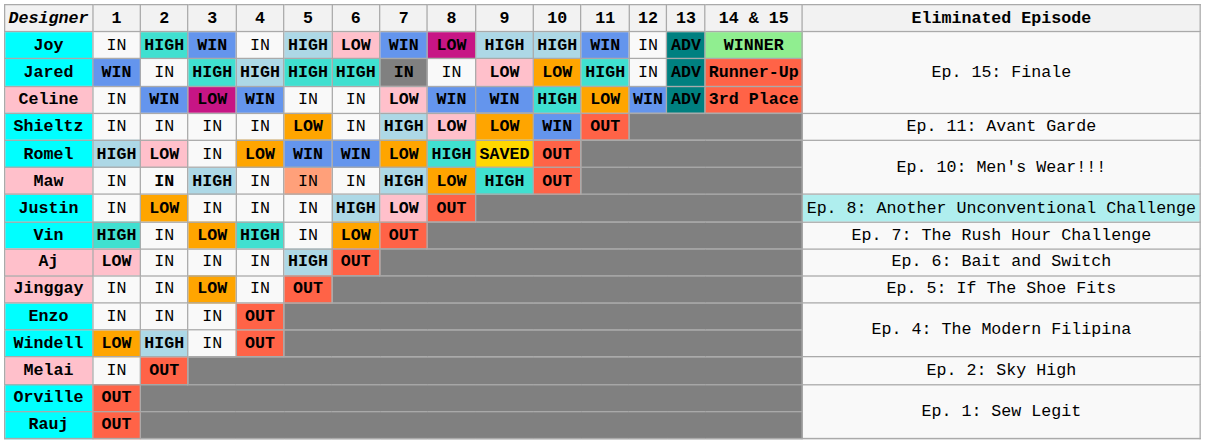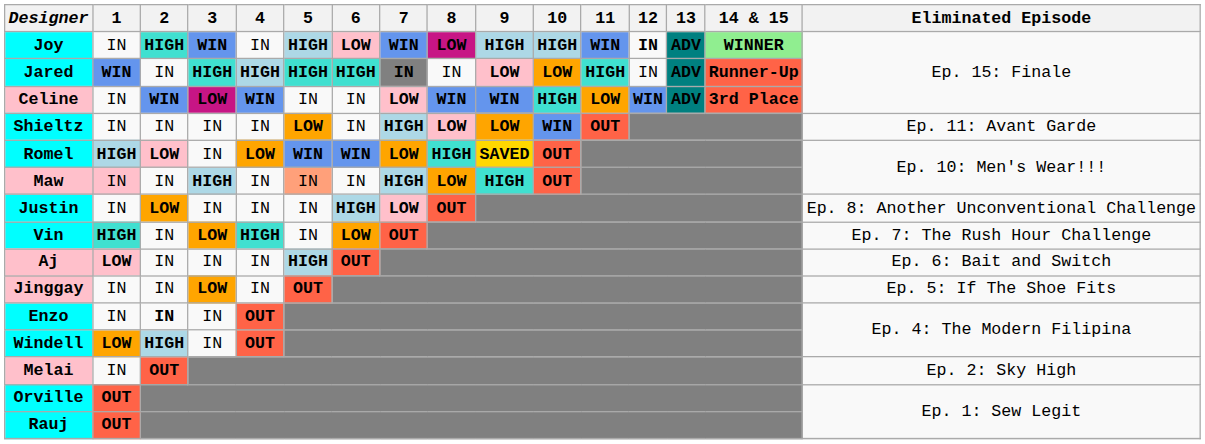 <table class="wikitable" style="text-align:center">
 <tr>
 <th><strong><em>Designer</em></strong></th>
 <th>1</th>
 <th>2</th>
 <th>3   </th>
 <th>4</th>
 <th>5 </th>
 <th>6  </th>
 <th>7   </th>
 <th>8 </th>
 <th>9 </th>
 <th>10  </th>
 <th>11</th>
 <th>12 </th>
 <th>13 </th>
 <th>14 & 15</th>
 <th>Eliminated Episode</th>
 </tr>
 <tr>
 <th style="background:cyan;">Joy</th>
 <td>IN</td>
 <td bgcolor="turquoise"><strong>HIGH</strong></td>
 <td bgcolor="cornflowerblue"><strong>WIN</strong></td>
 <td>IN</td>
 <td bgcolor="lightblue"><strong>HIGH</strong></td>
 <td bgcolor="pink"><strong>LOW</strong></td>
 <td bgcolor="cornflowerblue"><strong>WIN</strong></td>
 <td style="background:MediumVioletRed;"><strong>LOW</strong></td>
 <td bgcolor="lightblue"><strong>HIGH</strong></td>
 <td bgcolor="lightblue"><strong>HIGH</strong></td>
 <td bgcolor="cornflowerblue"><strong>WIN</strong></td>
-<td>IN</td>
+<td><strong>IN</strong></td>
 <td style="background:teal;"><strong>ADV</strong></td>
 <td style="background:lightgreen;"><strong>WINNER</strong></td>
 <td rowspan="3">Ep. 15: Finale</td>
 </tr>
 <tr>
 <th style="background:cyan;">Jared</th>
 <td bgcolor="cornflowerblue"><strong>WIN</strong></td>
 <td>IN</td>
 <td bgcolor="turquoise"><strong>HIGH</strong></td>
 <td bgcolor="lightblue"><strong>HIGH</strong></td>
 <td bgcolor="turquoise"><strong>HIGH</strong></td>
 <td bgcolor="turquoise"><strong>HIGH</strong></td>
 <td bgcolor="gray"><strong>IN</strong></td>
 <td>IN</td>
 <td bgcolor="pink"><strong>LOW</strong></td>
 <td bgcolor="orange"><strong>LOW</strong></td>
 <td bgcolor="turquoise"><strong>HIGH</strong></td>
 <td>IN</td>
 <td style="background:teal;"><strong>ADV</strong></td>
 <td bgcolor="tomato"><strong>Runner-Up</strong></td>
 </tr>
 <tr>
 <th style="background:Pink;">Celine</th>
 <td>IN</td>
 <td bgcolor="cornflowerblue"><strong>WIN</strong></td>
 <td style="background:MediumVioletRed;"><strong>LOW</strong></td>
 <td bgcolor="cornflowerblue"><strong>WIN</strong></td>
 <td>IN</td>
 <td>IN</td>
 <td bgcolor="pink"><strong>LOW</strong></td>
 <td bgcolor="cornflowerblue"><strong>WIN</strong></td>
 <td bgcolor="cornflowerblue"><strong>WIN</strong></td>
 <td bgcolor="turquoise"><strong>HIGH</strong></td>
 <td bgcolor="orange"><strong>LOW</strong></td>
 <td bgcolor="cornflowerblue"><strong>WIN</strong></td>
 <td style="background:teal;"><strong>ADV</strong></td>
 <td bgcolor="tomato"><strong>3rd Place</strong></td>
 </tr>
 <tr>
 <th style="background:cyan;">Shieltz</th>
 <td>IN</td>
 <td>IN</td>
 <td>IN</td>
 <td>IN</td>
 <td bgcolor="orange"><strong>LOW</strong></td>
 <td>IN</td>
 <td bgcolor="lightblue"><strong>HIGH</strong></td>
 <td bgcolor="pink"><strong>LOW</strong></td>
 <td bgcolor="orange"><strong>LOW</strong></td>
 <td bgcolor="cornflowerblue"><strong>WIN</strong></td>
 <td bgcolor="tomato"><strong>OUT</strong></td>
 <td bgcolor="gray" colspan="3"></td>
 <td>Ep. 11: Avant Garde</td>
 </tr>
 <tr>
 <th style="background:cyan;">Romel</th>
 <td bgcolor="lightblue"><strong>HIGH</strong></td>
 <td bgcolor="pink"><strong>LOW</strong></td>
 <td>IN</td>
 <td bgcolor="orange"><strong>LOW</strong></td>
 <td bgcolor="cornflowerblue"><strong>WIN</strong></td>
 <td bgcolor="cornflowerblue"><strong>WIN</strong></td>
 <td bgcolor="orange"><strong>LOW</strong></td>
 <td bgcolor="turquoise"><strong>HIGH</strong></td>
 <td bgcolor="gold"><strong>SAVED</strong></td>
 <td bgcolor="tomato"><strong>OUT</strong></td>
 <td bgcolor="gray" colspan="4"></td>
 <td rowspan="2">Ep. 10: Men's Wear!!!</td>
 </tr>
 <tr>
 <th style="background:Pink;">Maw</th>
+<td style="background: pink;">IN</td>
 <td>IN</td>
-<td><strong>IN</strong></td>
 <td bgcolor="lightblue"><strong>HIGH</strong></td>
 <td>IN</td>
 <td style="background: lightsalmon;">IN</td>
 <td>IN</td>
 <td bgcolor="lightblue"><strong>HIGH</strong></td>
 <td bgcolor="orange"><strong>LOW</strong></td>
 <td bgcolor="turquoise"><strong>HIGH</strong></td>
 <td bgcolor="tomato"><strong>OUT</strong></td>
 <td bgcolor="gray" colspan="4"></td>
 </tr>
 <tr>
 <th style="background:cyan;">Justin</th>
 <td>IN</td>
 <td bgcolor="orange"><strong>LOW</strong></td>
 <td>IN</td>
 <td>IN</td>
 <td>IN</td>
 <td bgcolor="lightblue"><strong>HIGH</strong></td>
 <td bgcolor="pink"><strong>LOW</strong></td>
 <td bgcolor="tomato"><strong>OUT</strong></td>
 <td bgcolor="gray" colspan="6"></td>
-<td style="background: paleturquoise;">Ep. 8: Another Unconventional Challenge</td>
+<td>Ep. 8: Another Unconventional Challenge</td>
 </tr>
 <tr>
 <th style="background:cyan;">Vin</th>
 <td bgcolor="turquoise"><strong>HIGH</strong></td>
 <td>IN</td>
 <td bgcolor="orange"><strong>LOW</strong></td>
 <td bgcolor="turquoise"><strong>HIGH</strong></td>
 <td>IN</td>
 <td bgcolor="orange"><strong>LOW</strong></td>
 <td bgcolor="tomato"><strong>OUT</strong></td>
 <td bgcolor="gray" colspan="7"></td>
 <td>Ep. 7: The Rush Hour Challenge</td>
 </tr>
 <tr>
 <th style="background:pink;">Aj</th>
 <td bgcolor="pink"><strong>LOW</strong></td>
 <td>IN</td>
 <td>IN</td>
 <td>IN</td>
 <td bgcolor="lightblue"><strong>HIGH</strong></td>
 <td bgcolor="tomato"><strong>OUT</strong></td>
 <td bgcolor="gray" colspan="8"></td>
 <td>Ep. 6: Bait and Switch</td>
 </tr>
 <tr>
 <th style="background:Pink;">Jinggay</th>
 <td>IN</td>
 <td>IN</td>
 <td bgcolor="orange"><strong>LOW</strong></td>
 <td>IN</td>
 <td bgcolor="tomato"><strong>OUT</strong></td>
 <td bgcolor="gray" colspan="9"></td>
 <td>Ep. 5: If The Shoe Fits</td>
 </tr>
 <tr>
 <th style="background:cyan;">Enzo</th>
 <td>IN</td>
-<td>IN</td>
+<td><strong>IN</strong></td>
 <td>IN</td>
 <td bgcolor="tomato"><strong>OUT</strong></td>
 <td bgcolor="gray" colspan="10"></td>
 <td rowspan="2">Ep. 4: The Modern Filipina</td>
 </tr>
 <tr>
 <th style="background:cyan;">Windell</th>
 <td bgcolor="orange"><strong>LOW</strong></td>
 <td bgcolor="lightblue"><strong>HIGH</strong></td>
 <td>IN</td>
 <td bgcolor="tomato"><strong>OUT</strong></td>
 <td bgcolor="gray" colspan="10"></td>
 </tr>
 <tr>
 <th style="background:Pink;">Melai</th>
 <td>IN</td>
 <td bgcolor="tomato"><strong>OUT</strong></td>
 <td bgcolor="gray" colspan="12"></td>
 <td>Ep. 2: Sky High</td>
 </tr>
 <tr>
 <th style="background:cyan;">Orville</th>
 <td bgcolor="tomato"><strong>OUT</strong></td>
 <td bgcolor="gray" colspan="13"></td>
 <td rowspan="2">Ep. 1: Sew Legit</td>
 </tr>
 <tr>
 <th style="background:cyan;">Rauj</th>
 <td bgcolor="tomato"><strong>OUT</strong></td>
 <td bgcolor="gray" colspan="13"></td>
 </tr>
 <tr>
 </tr>
 </table>
